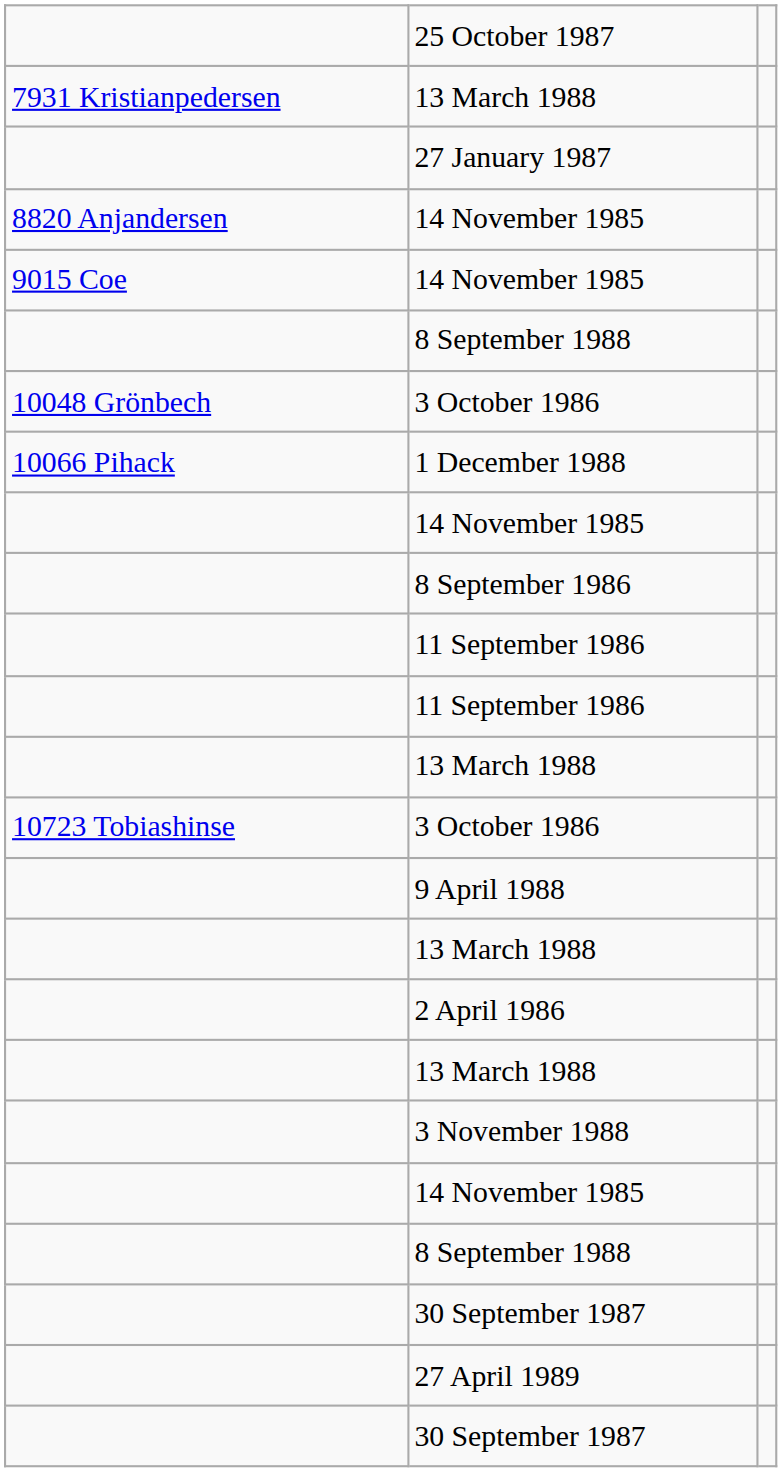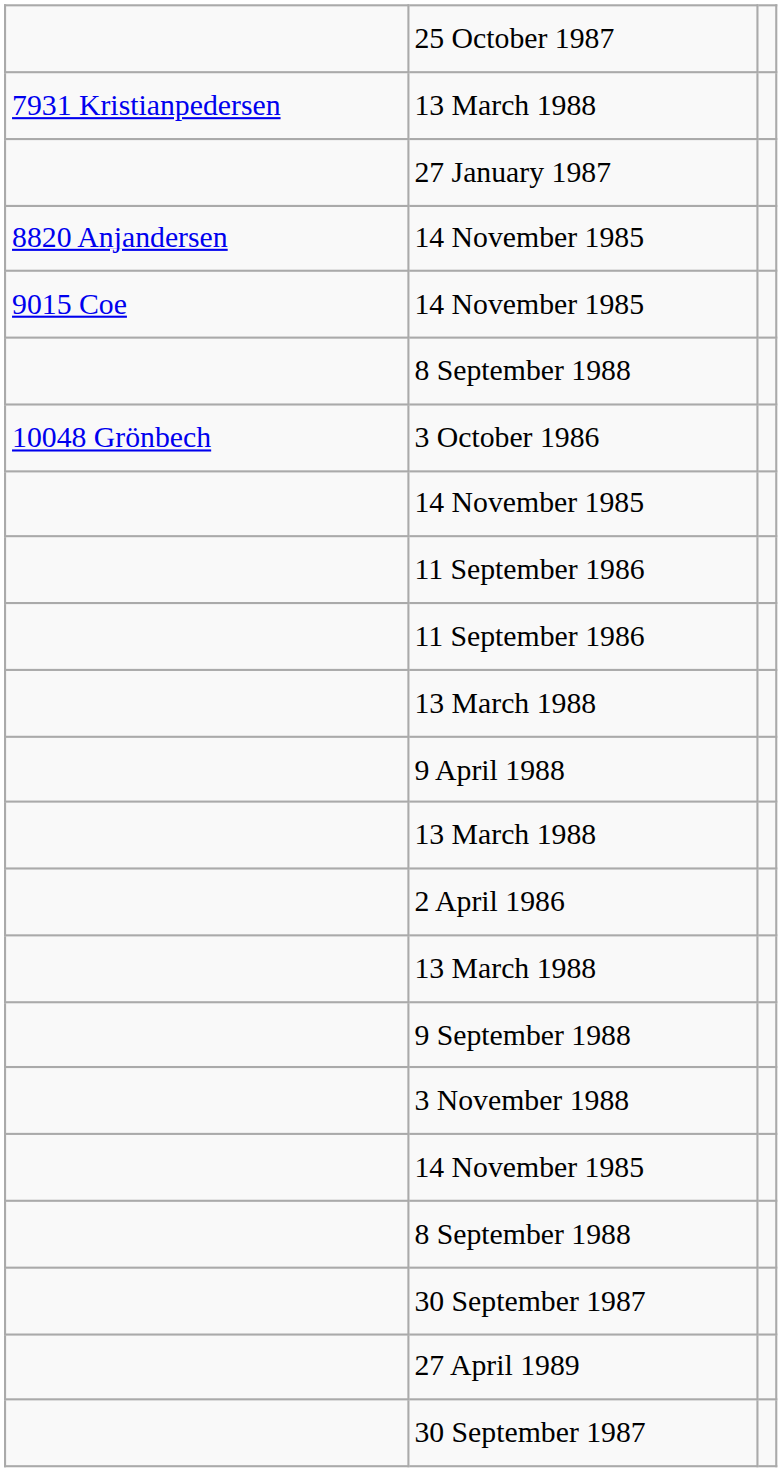 <table class="wikitable" style="font-size: 89%; float: left; width: 26em; margin-right: 1em; height: 700px;">
 <tr>
 <td></td>
 <td>25 October 1987</td>
 <td></td>
 </tr>
 <tr>
 <td><a href='#'>7931 Kristianpedersen</a></td>
 <td>13 March 1988</td>
 <td></td>
 </tr>
 <tr>
 <td></td>
 <td>27 January 1987</td>
 <td></td>
 </tr>
 <tr>
 <td><a href='#'>8820 Anjandersen</a></td>
 <td>14 November 1985</td>
 <td></td>
 </tr>
 <tr>
 <td><a href='#'>9015 Coe</a></td>
 <td>14 November 1985</td>
 <td></td>
 </tr>
 <tr>
 <td></td>
 <td>8 September 1988</td>
 <td></td>
 </tr>
 <tr>
 <td><a href='#'>10048 Grönbech</a></td>
 <td>3 October 1986</td>
 <td></td>
 </tr>
 <tr>
-<td><a href='#'>10066 Pihack</a></td>
-<td>1 December 1988</td>
-<td></td>
-</tr>
-<tr>
 <td></td>
 <td>14 November 1985</td>
-<td></td>
-</tr>
-<tr>
-<td></td>
-<td>8 September 1986</td>
 <td></td>
 </tr>
 <tr>
 <td></td>
 <td>11 September 1986</td>
 <td></td>
 </tr>
 <tr>
 <td></td>
 <td>11 September 1986</td>
 <td></td>
 </tr>
 <tr>
 <td></td>
 <td>13 March 1988</td>
-<td></td>
-</tr>
-<tr>
-<td><a href='#'>10723 Tobiashinse</a></td>
-<td>3 October 1986</td>
 <td></td>
 </tr>
 <tr>
 <td></td>
 <td>9 April 1988</td>
 <td></td>
 </tr>
 <tr>
 <td></td>
 <td>13 March 1988</td>
 <td></td>
 </tr>
 <tr>
 <td></td>
 <td>2 April 1986</td>
 <td></td>
 </tr>
 <tr>
 <td></td>
 <td>13 March 1988</td>
+<td></td>
+</tr>
+<tr>
+<td></td>
+<td>9 September 1988</td>
 <td></td>
 </tr>
 <tr>
 <td></td>
 <td>3 November 1988</td>
 <td></td>
 </tr>
 <tr>
 <td></td>
 <td>14 November 1985</td>
 <td></td>
 </tr>
 <tr>
 <td></td>
 <td>8 September 1988</td>
 <td></td>
 </tr>
 <tr>
 <td></td>
 <td>30 September 1987</td>
 <td></td>
 </tr>
 <tr>
 <td></td>
 <td>27 April 1989</td>
 <td></td>
 </tr>
 <tr>
 <td></td>
 <td>30 September 1987</td>
 <td></td>
 </tr>
 </table>
